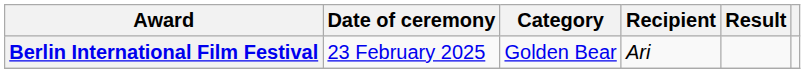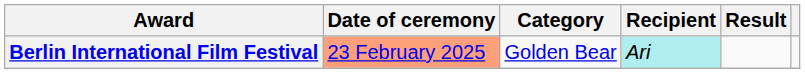 <table class="wikitable sortable plainrowheaders">
 <tr>
 <th>Award</th>
 <th>Date of ceremony</th>
 <th>Category</th>
 <th>Recipient</th>
 <th>Result</th>
 <th></th>
 </tr>
 <tr>
 <th scope="row" rowspan="1"><a href='#'>Berlin International Film Festival</a></th>
-<td rowspan="1"><a href='#'>23 February 2025</a></td>
+<td rowspan="1" style="background: lightsalmon;"><a href='#'>23 February 2025</a></td>
 <td><a href='#'>Golden Bear</a></td>
-<td><em>Ari</em></td>
+<td style="background: paleturquoise;"><em>Ari</em></td>
 <td></td>
 <td align="center"></td>
 </tr>
 <tr>
 </tr>
 </table>
